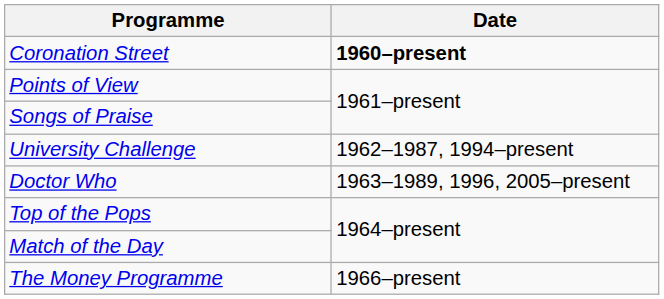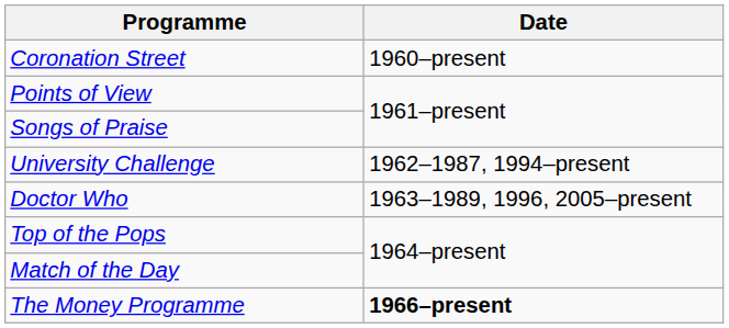 <table class="wikitable">
 <tr>
 <th width=250>Programme</th>
 <th width=250>Date</th>
 </tr>
 <tr>
 <td><em><a href='#'>Coronation Street</a></em></td>
-<td><strong>1960–present</strong></td>
+<td>1960–present</td>
 </tr>
 <tr>
 <td><em><a href='#'>Points of View</a></em></td>
 <td rowspan="2">1961–present</td>
 </tr>
 <tr>
 <td><em><a href='#'>Songs of Praise</a></em></td>
 </tr>
 <tr>
 <td><em><a href='#'>University Challenge</a></em></td>
 <td>1962–1987, 1994–present</td>
 </tr>
 <tr>
 <td><em><a href='#'>Doctor Who</a></em></td>
 <td>1963–1989, 1996, 2005–present</td>
 </tr>
 <tr>
 <td><em><a href='#'>Top of the Pops</a></em></td>
 <td rowspan="2">1964–present</td>
 </tr>
 <tr>
 <td><em><a href='#'>Match of the Day</a></em></td>
 </tr>
 <tr>
 <td><em><a href='#'>The Money Programme</a></em></td>
-<td>1966–present</td>
+<td><strong>1966–present</strong></td>
 </tr>
 </table>
